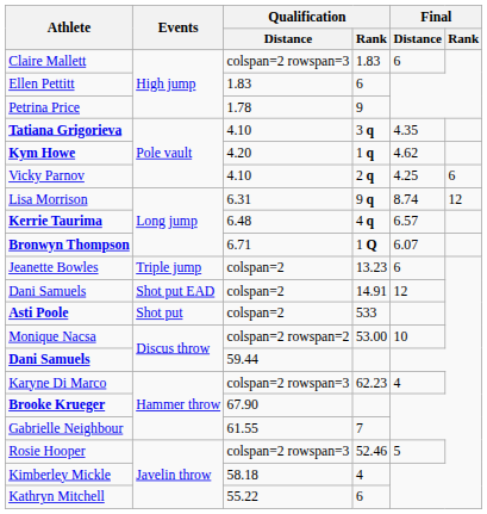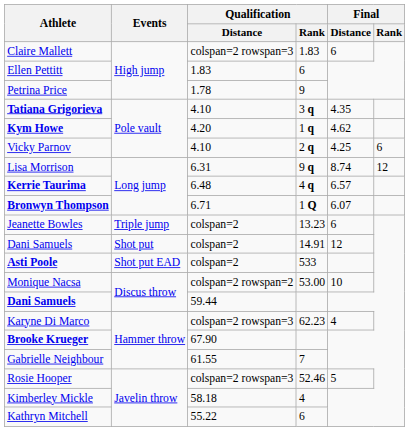 <table class=wikitable style="font-size:90%">
 <tr>
 <th rowspan="2">Athlete</th>
 <th rowspan="2">Events</th>
 <th colspan="2">Qualification</th>
 <th colspan="2">Final</th>
 </tr>
 <tr style="font-size:95%">
 <th>Distance</th>
 <th>Rank</th>
 <th>Distance</th>
 <th>Rank</th>
 </tr>
 <tr>
 <td><a href='#'>Claire Mallett</a></td>
 <td rowspan=3><a href='#'>High jump</a></td>
 <td>colspan=2 rowspan=3 </td>
 <td>1.83</td>
 <td>6</td>
 </tr>
 <tr>
 <td><a href='#'>Ellen Pettitt</a></td>
 <td>1.83</td>
 <td>6</td>
 </tr>
 <tr>
 <td><a href='#'>Petrina Price</a></td>
 <td>1.78</td>
 <td>9</td>
 </tr>
 <tr>
 <td><strong><a href='#'>Tatiana Grigorieva</a></strong></td>
 <td rowspan=3><a href='#'>Pole vault</a></td>
 <td>4.10</td>
 <td>3 <strong>q</strong></td>
 <td>4.35</td>
 <td></td>
 </tr>
 <tr>
 <td><strong><a href='#'>Kym Howe</a></strong></td>
 <td>4.20</td>
 <td>1 <strong>q</strong></td>
 <td>4.62</td>
 <td></td>
 </tr>
 <tr>
 <td><a href='#'>Vicky Parnov</a></td>
 <td>4.10</td>
 <td>2 <strong>q</strong></td>
 <td>4.25</td>
 <td>6</td>
 </tr>
 <tr>
 <td><a href='#'>Lisa Morrison</a></td>
 <td rowspan=3><a href='#'>Long jump</a></td>
 <td>6.31</td>
 <td>9 <strong>q</strong></td>
 <td>8.74</td>
 <td>12</td>
 </tr>
 <tr>
 <td><strong><a href='#'>Kerrie Taurima</a></strong></td>
 <td>6.48</td>
 <td>4 <strong>q</strong></td>
 <td>6.57</td>
 <td></td>
 </tr>
 <tr>
 <td><strong><a href='#'>Bronwyn Thompson</a></strong></td>
 <td>6.71</td>
 <td>1 <strong>Q</strong></td>
 <td>6.07</td>
 <td></td>
 </tr>
 <tr>
 <td><a href='#'>Jeanette Bowles</a></td>
 <td><a href='#'>Triple jump</a></td>
 <td>colspan=2 </td>
 <td>13.23</td>
 <td>6</td>
 </tr>
 <tr>
 <td><a href='#'>Dani Samuels</a></td>
-<td><a href='#'>Shot put EAD</a></td>
+<td><a href='#'>Shot put</a></td>
 <td>colspan=2 </td>
 <td>14.91</td>
 <td>12</td>
 </tr>
 <tr>
 <td><strong><a href='#'>Asti Poole</a></strong></td>
-<td><a href='#'>Shot put</a></td>
+<td><a href='#'>Shot put EAD</a></td>
 <td>colspan=2 </td>
 <td>533</td>
 <td></td>
 </tr>
 <tr>
 <td><a href='#'>Monique Nacsa</a></td>
 <td rowspan=2><a href='#'>Discus throw</a></td>
 <td>colspan=2 rowspan=2 </td>
 <td>53.00</td>
 <td>10</td>
 </tr>
 <tr>
 <td><strong><a href='#'>Dani Samuels</a></strong></td>
 <td>59.44</td>
 <td></td>
 </tr>
 <tr>
 <td><a href='#'>Karyne Di Marco</a></td>
 <td rowspan=3><a href='#'>Hammer throw</a></td>
 <td>colspan=2 rowspan=3 </td>
 <td>62.23</td>
 <td>4</td>
 </tr>
 <tr>
 <td><strong><a href='#'>Brooke Krueger</a></strong></td>
 <td>67.90</td>
 <td></td>
 </tr>
 <tr>
 <td><a href='#'>Gabrielle Neighbour</a></td>
 <td>61.55</td>
 <td>7</td>
 </tr>
 <tr>
 <td><a href='#'>Rosie Hooper</a></td>
 <td rowspan=3><a href='#'>Javelin throw</a></td>
 <td>colspan=2 rowspan=3 </td>
 <td>52.46</td>
 <td>5</td>
 </tr>
 <tr>
 <td><a href='#'>Kimberley Mickle</a></td>
 <td>58.18</td>
 <td>4</td>
 </tr>
 <tr>
 <td><a href='#'>Kathryn Mitchell</a></td>
 <td>55.22</td>
 <td>6</td>
 </tr>
 </table>
